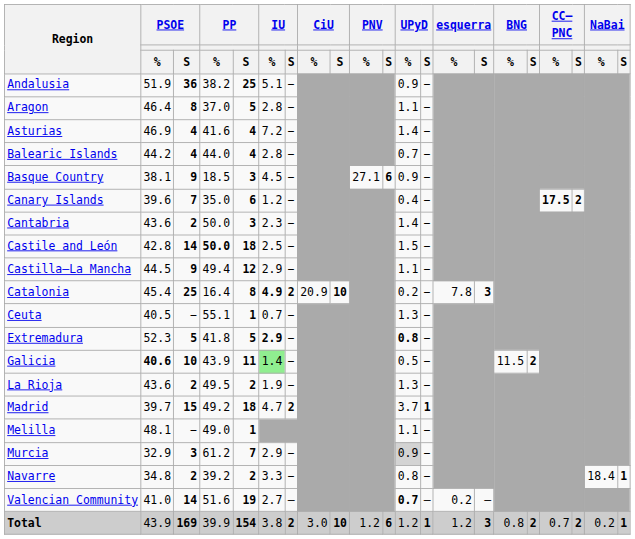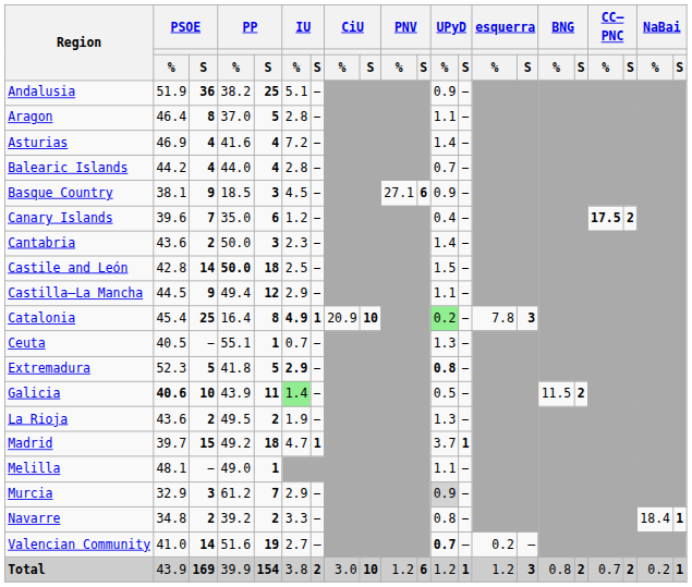 <table class="wikitable sortable" style="text-align:right; line-height:20px;">
 <tr>
 <th rowspan="3">Region</th>
 <th colspan="2" width="30px" class="unsortable"><a href='#'>PSOE</a></th>
 <th colspan="2" width="30px" class="unsortable"><a href='#'>PP</a></th>
 <th colspan="2" width="30px" class="unsortable"><a href='#'>IU</a></th>
 <th colspan="2" width="30px" class="unsortable"><a href='#'>CiU</a></th>
 <th colspan="2" width="30px" class="unsortable"><a href='#'>PNV</a></th>
 <th colspan="2" width="30px" class="unsortable"><a href='#'>UPyD</a></th>
 <th colspan="2" width="30px" class="unsortable"><a href='#'>esquerra</a></th>
 <th colspan="2" width="30px" class="unsortable"><a href='#'>BNG</a></th>
 <th colspan="2" width="30px" class="unsortable"><a href='#'>CC–PNC</a></th>
 <th colspan="2" width="30px" class="unsortable"><a href='#'>NaBai</a></th>
 </tr>
 <tr>
 <th colspan="2" style="background:"></th>
 <th colspan="2" style="background:"></th>
 <th colspan="2" style="background:"></th>
 <th colspan="2" style="background:"></th>
 <th colspan="2" style="background:"></th>
 <th colspan="2" style="background:"></th>
 <th colspan="2" style="background:"></th>
 <th colspan="2" style="background:"></th>
 <th colspan="2" style="background:"></th>
 <th colspan="2" style="background:"></th>
 </tr>
 <tr>
 <th data-sort-type="number">%</th>
 <th data-sort-type="number">S</th>
 <th data-sort-type="number">%</th>
 <th data-sort-type="number">S</th>
 <th data-sort-type="number">%</th>
 <th data-sort-type="number">S</th>
 <th data-sort-type="number">%</th>
 <th data-sort-type="number">S</th>
 <th data-sort-type="number">%</th>
 <th data-sort-type="number">S</th>
 <th data-sort-type="number">%</th>
 <th data-sort-type="number">S</th>
 <th data-sort-type="number">%</th>
 <th data-sort-type="number">S</th>
 <th data-sort-type="number">%</th>
 <th data-sort-type="number">S</th>
 <th data-sort-type="number">%</th>
 <th data-sort-type="number">S</th>
 <th data-sort-type="number">%</th>
 <th data-sort-type="number">S</th>
 </tr>
 <tr>
 <td align="left"><a href='#'>Andalusia</a></td>
 <td style="background:">51.9</td>
 <td><strong>36</strong></td>
 <td>38.2</td>
 <td><strong>25</strong></td>
 <td>5.1</td>
 <td>−</td>
 <td colspan="2" rowspan="9" bgcolor="#AAAAAA"></td>
 <td colspan="2" rowspan="4" bgcolor="#AAAAAA"></td>
 <td>0.9</td>
 <td>−</td>
 <td colspan="2" rowspan="9" bgcolor="#AAAAAA"></td>
 <td colspan="2" rowspan="12" bgcolor="#AAAAAA"></td>
 <td colspan="2" rowspan="5" bgcolor="#AAAAAA"></td>
 <td colspan="2" rowspan="17" bgcolor="#AAAAAA"></td>
 </tr>
 <tr>
 <td align="left"><a href='#'>Aragon</a></td>
 <td style="background:">46.4</td>
 <td><strong>8</strong></td>
 <td>37.0</td>
 <td><strong>5</strong></td>
 <td>2.8</td>
 <td>−</td>
 <td>1.1</td>
 <td>−</td>
 </tr>
 <tr>
 <td align="left"><a href='#'>Asturias</a></td>
 <td style="background:">46.9</td>
 <td><strong>4</strong></td>
 <td>41.6</td>
 <td><strong>4</strong></td>
 <td>7.2</td>
 <td>−</td>
 <td>1.4</td>
 <td>−</td>
 </tr>
 <tr>
 <td align="left"><a href='#'>Balearic Islands</a></td>
 <td style="background:">44.2</td>
 <td><strong>4</strong></td>
 <td>44.0</td>
 <td><strong>4</strong></td>
 <td>2.8</td>
 <td>−</td>
 <td>0.7</td>
 <td>−</td>
 </tr>
 <tr>
 <td align="left"><a href='#'>Basque Country</a></td>
 <td style="background:">38.1</td>
 <td><strong>9</strong></td>
 <td>18.5</td>
 <td><strong>3</strong></td>
 <td>4.5</td>
 <td>−</td>
 <td>27.1</td>
 <td><strong>6</strong></td>
 <td>0.9</td>
 <td>−</td>
 </tr>
 <tr>
 <td align="left"><a href='#'>Canary Islands</a></td>
 <td style="background:">39.6</td>
 <td><strong>7</strong></td>
 <td>35.0</td>
 <td><strong>6</strong></td>
 <td>1.2</td>
 <td>−</td>
 <td colspan="2" rowspan="14" bgcolor="#AAAAAA"></td>
 <td>0.4</td>
 <td>−</td>
 <td><strong>17.5</strong></td>
 <td><strong>2</strong></td>
 </tr>
 <tr>
 <td align="left"><a href='#'>Cantabria</a></td>
 <td>43.6</td>
 <td><strong>2</strong></td>
 <td style="background:">50.0</td>
 <td><strong>3</strong></td>
 <td>2.3</td>
 <td>−</td>
 <td>1.4</td>
 <td>−</td>
 <td colspan="2" rowspan="13" bgcolor="#AAAAAA"></td>
 </tr>
 <tr>
 <td align="left"><a href='#'>Castile and León</a></td>
 <td>42.8</td>
 <td><strong>14</strong></td>
 <td style="background:"><strong>50.0</strong></td>
 <td><strong>18</strong></td>
 <td>2.5</td>
 <td>−</td>
 <td>1.5</td>
 <td>−</td>
 </tr>
 <tr>
 <td align="left"><a href='#'>Castilla–La Mancha</a></td>
 <td>44.5</td>
 <td><strong>9</strong></td>
 <td style="background:">49.4</td>
 <td><strong>12</strong></td>
 <td>2.9</td>
 <td>−</td>
 <td>1.1</td>
 <td>−</td>
 </tr>
 <tr>
 <td align="left"><a href='#'>Catalonia</a></td>
 <td style="background:">45.4</td>
 <td><strong>25</strong></td>
 <td>16.4</td>
 <td><strong>8</strong></td>
 <td><strong>4.9</strong></td>
-<td><strong>2</strong></td>
+<td><strong>1</strong></td>
 <td>20.9</td>
 <td><strong>10</strong></td>
-<td>0.2</td>
+<td style="background: lightgreen;">0.2</td>
 <td>−</td>
 <td>7.8</td>
 <td><strong>3</strong></td>
 </tr>
 <tr>
 <td align="left"><a href='#'>Ceuta</a></td>
 <td>40.5</td>
 <td>−</td>
 <td style="background:">55.1</td>
 <td><strong>1</strong></td>
 <td>0.7</td>
 <td>−</td>
 <td colspan="2" rowspan="9" bgcolor="#AAAAAA"></td>
 <td>1.3</td>
 <td>−</td>
 <td colspan="2" rowspan="8" bgcolor="#AAAAAA"></td>
 </tr>
 <tr>
 <td align="left"><a href='#'>Extremadura</a></td>
 <td style="background:">52.3</td>
 <td><strong>5</strong></td>
 <td>41.8</td>
 <td><strong>5</strong></td>
 <td><strong>2.9</strong></td>
 <td>−</td>
 <td><strong>0.8</strong></td>
 <td>−</td>
 </tr>
 <tr>
 <td align="left"><a href='#'>Galicia</a></td>
 <td><strong>40.6</strong></td>
 <td><strong>10</strong></td>
 <td style="background:">43.9</td>
 <td><strong>11</strong></td>
 <td style="background: lightgreen;">1.4</td>
 <td>−</td>
 <td>0.5</td>
 <td>−</td>
 <td>11.5</td>
 <td><strong>2</strong></td>
 </tr>
 <tr>
 <td align="left"><a href='#'>La Rioja</a></td>
 <td>43.6</td>
 <td><strong>2</strong></td>
 <td style="background:">49.5</td>
 <td><strong>2</strong></td>
 <td>1.9</td>
 <td>−</td>
 <td>1.3</td>
 <td>−</td>
 <td colspan="2" rowspan="6" bgcolor="#AAAAAA"></td>
 </tr>
 <tr>
 <td align="left"><a href='#'>Madrid</a></td>
 <td>39.7</td>
 <td><strong>15</strong></td>
 <td style="background:">49.2</td>
 <td><strong>18</strong></td>
 <td>4.7</td>
-<td><strong>2</strong></td>
+<td><strong>1</strong></td>
 <td>3.7</td>
 <td><strong>1</strong></td>
 </tr>
 <tr>
 <td align="left"><a href='#'>Melilla</a></td>
 <td>48.1</td>
 <td>−</td>
 <td style="background:">49.0</td>
 <td><strong>1</strong></td>
 <td colspan="2" bgcolor="#AAAAAA"></td>
 <td>1.1</td>
 <td>−</td>
 </tr>
 <tr>
 <td align="left"><a href='#'>Murcia</a></td>
 <td>32.9</td>
 <td><strong>3</strong></td>
 <td style="background:">61.2</td>
 <td><strong>7</strong></td>
 <td>2.9</td>
 <td>−</td>
 <td style="background: lightgrey;">0.9</td>
 <td>−</td>
 </tr>
 <tr>
 <td align="left"><a href='#'>Navarre</a></td>
 <td>34.8</td>
 <td><strong>2</strong></td>
 <td style="background:">39.2</td>
 <td><strong>2</strong></td>
 <td>3.3</td>
 <td>−</td>
 <td>0.8</td>
 <td>−</td>
 <td>18.4</td>
 <td><strong>1</strong></td>
 </tr>
 <tr>
 <td align="left"><a href='#'>Valencian Community</a></td>
 <td>41.0</td>
 <td><strong>14</strong></td>
 <td style="background:">51.6</td>
 <td><strong>19</strong></td>
 <td>2.7</td>
 <td>–</td>
 <td><strong>0.7</strong></td>
 <td>–</td>
 <td>0.2</td>
 <td>–</td>
 <td colspan="2" bgcolor="#AAAAAA"></td>
 </tr>
 <tr style="background:#CDCDCD;">
 <td align="left"><strong>Total</strong></td>
 <td style="background:">43.9</td>
 <td><strong>169</strong></td>
 <td>39.9</td>
 <td><strong>154</strong></td>
 <td>3.8</td>
 <td><strong>2</strong></td>
 <td>3.0</td>
 <td><strong>10</strong></td>
 <td>1.2</td>
 <td><strong>6</strong></td>
 <td>1.2</td>
 <td><strong>1</strong></td>
 <td>1.2</td>
 <td><strong>3</strong></td>
 <td>0.8</td>
 <td><strong>2</strong></td>
 <td>0.7</td>
 <td><strong>2</strong></td>
 <td>0.2</td>
 <td><strong>1</strong></td>
 </tr>
 </table>
